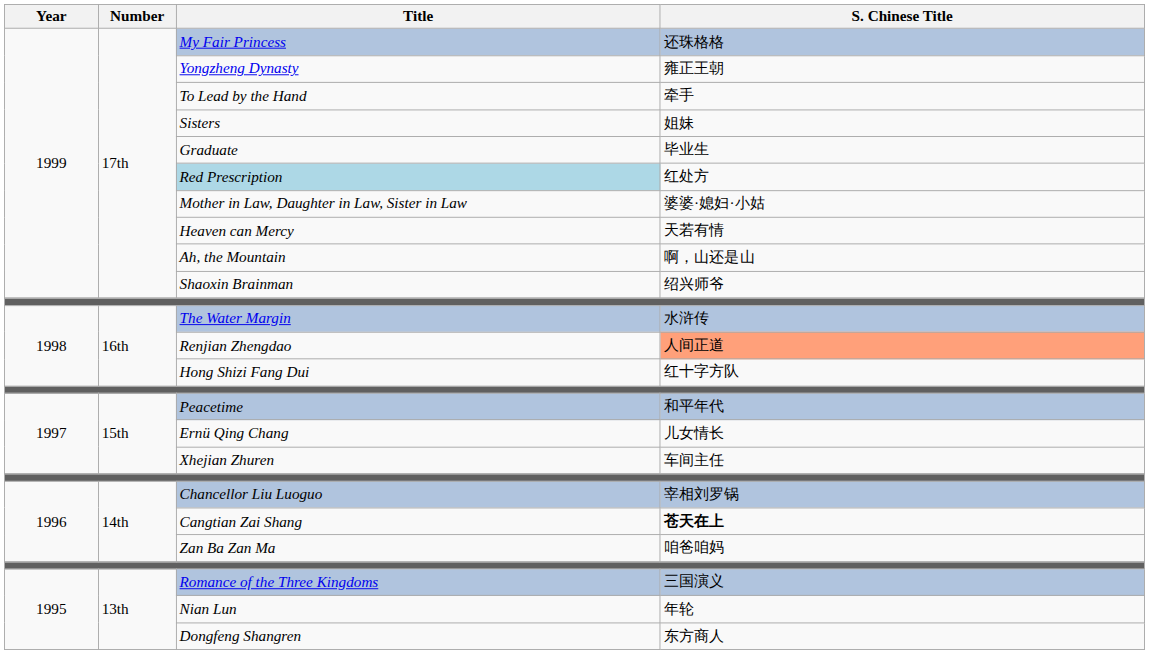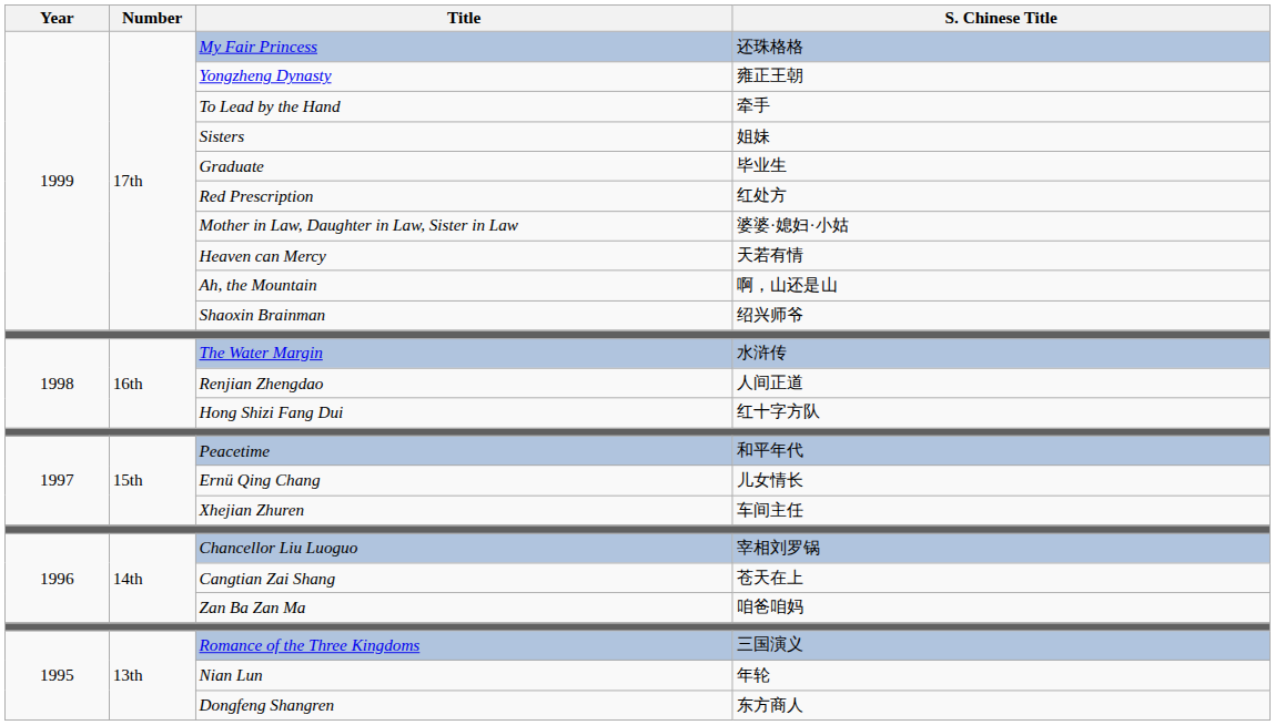 <table class="wikitable" width="95%" align="center">
 <tr>
 <th width="6%">Year</th>
 <th width="4%">Number</th>
 <th width="31%">Title</th>
 <th width="31%">S. Chinese Title</th>
 </tr>
 <tr>
 <td rowspan="10" style="text-align:center;">1999</td>
 <td rowspan="10">17th</td>
 <td style="background:#B0C4DE;"><em><a href='#'>My Fair Princess</a></em></td>
 <td style="background:#B0C4DE;">还珠格格</td>
 </tr>
 <tr>
 <td><em><a href='#'>Yongzheng Dynasty</a></em></td>
 <td>雍正王朝</td>
 </tr>
 <tr>
 <td><em>To Lead by the Hand</em></td>
 <td>牵手</td>
 </tr>
 <tr>
 <td><em>Sisters</em></td>
 <td>姐妹</td>
 </tr>
 <tr>
 <td><em>Graduate</em></td>
 <td>毕业生</td>
 </tr>
 <tr>
-<td style="background: lightblue;"><em>Red Prescription</em></td>
+<td><em>Red Prescription</em></td>
 <td>红处方</td>
 </tr>
 <tr>
 <td><em>Mother in Law, Daughter in Law, Sister in Law</em></td>
 <td>婆婆·媳妇·小姑</td>
 </tr>
 <tr>
 <td><em>Heaven can Mercy</em></td>
 <td>天若有情</td>
 </tr>
 <tr>
 <td><em>Ah, the Mountain</em></td>
 <td>啊，山还是山</td>
 </tr>
 <tr>
 <td><em>Shaoxin Brainman</em></td>
 <td>绍兴师爷</td>
 </tr>
 <tr>
 </tr>
 <tr style = "background:#606060; height: 2pt">
 <td colspan = "4"></td>
 </tr>
 <tr>
 <td rowspan="3" style="text-align:center;">1998</td>
 <td rowspan="3">16th</td>
 <td style="background:#B0C4DE;"><em><a href='#'>The Water Margin</a></em></td>
 <td style="background:#B0C4DE;">水浒传</td>
 </tr>
 <tr>
 <td><em>Renjian Zhengdao</em></td>
-<td style="background: lightsalmon;">人间正道</td>
+<td>人间正道</td>
 </tr>
 <tr>
 <td><em>Hong Shizi Fang Dui</em></td>
 <td>红十字方队</td>
 </tr>
 <tr>
 </tr>
 <tr style = "background:#606060; height: 2pt">
 <td colspan = "4"></td>
 </tr>
 <tr>
 <td rowspan="3" style="text-align:center;">1997</td>
 <td rowspan="3">15th</td>
 <td style="background:#B0C4DE;"><em>Peacetime</em></td>
 <td style="background:#B0C4DE;">和平年代</td>
 </tr>
 <tr>
 <td><em>Ernü Qing Chang</em></td>
 <td>儿女情长</td>
 </tr>
 <tr>
 <td><em>Xhejian Zhuren</em></td>
 <td>车间主任</td>
 </tr>
 <tr>
 </tr>
 <tr style = "background:#606060; height: 2pt">
 <td colspan = "4"></td>
 </tr>
 <tr>
 <td rowspan="3" style="text-align:center;">1996</td>
 <td rowspan="3">14th</td>
 <td style="background:#B0C4DE;"><em>Chancellor Liu Luoguo</em></td>
 <td style="background:#B0C4DE;">宰相刘罗锅</td>
 </tr>
 <tr>
 <td><em>Cangtian Zai Shang</em></td>
-<td><strong>苍天在上</strong></td>
+<td>苍天在上</td>
 </tr>
 <tr>
 <td><em>Zan Ba Zan Ma</em></td>
 <td>咱爸咱妈</td>
 </tr>
 <tr>
 </tr>
 <tr style = "background:#606060; height: 2pt">
 <td colspan = "4"></td>
 </tr>
 <tr>
 <td rowspan="3" style="text-align:center;">1995</td>
 <td rowspan="3">13th</td>
 <td style="background:#B0C4DE;"><em><a href='#'>Romance of the Three Kingdoms</a></em></td>
 <td style="background:#B0C4DE;">三国演义</td>
 </tr>
 <tr>
 <td><em>Nian Lun</em></td>
 <td>年轮</td>
 </tr>
 <tr>
 <td><em>Dongfeng Shangren</em></td>
 <td>东方商人</td>
 </tr>
 </table>
